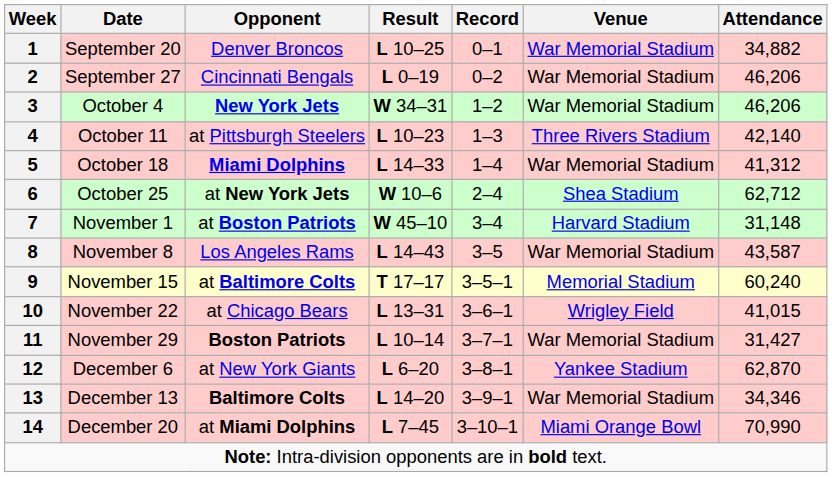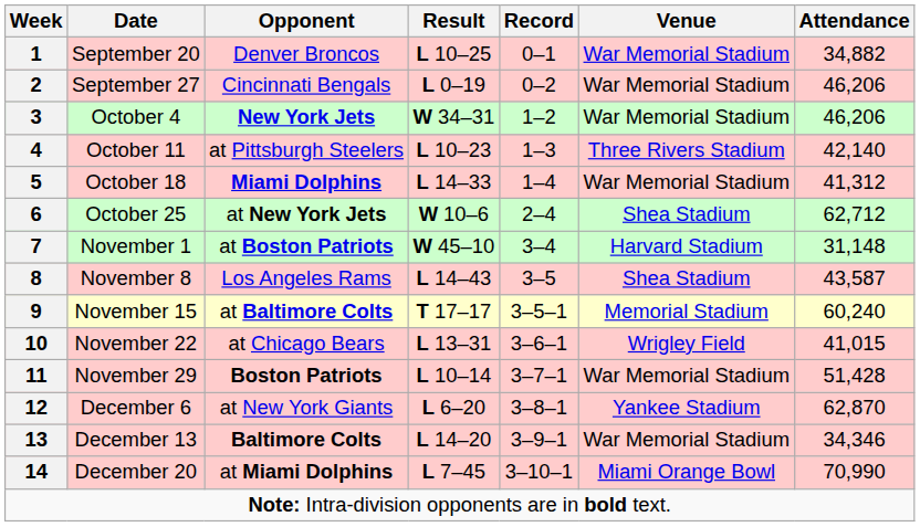 <table class="wikitable" style="text-align:center">
 <tr>
 <th>Week</th>
 <th>Date</th>
 <th>Opponent</th>
 <th>Result</th>
 <th>Record</th>
 <th>Venue</th>
 <th>Attendance</th>
 </tr>
 <tr style="background:#fcc">
 <th>1</th>
 <td>September 20</td>
 <td><a href='#'>Denver Broncos</a></td>
 <td><strong>L</strong> 10–25</td>
 <td>0–1</td>
 <td><a href='#'>War Memorial Stadium</a></td>
 <td>34,882</td>
 </tr>
 <tr style="background:#fcc">
 <th>2</th>
 <td>September 27</td>
 <td><a href='#'>Cincinnati Bengals</a></td>
 <td><strong>L</strong> 0–19</td>
 <td>0–2</td>
 <td>War Memorial Stadium</td>
 <td>46,206</td>
 </tr>
 <tr style="background:#cfc">
 <th>3</th>
 <td>October 4</td>
 <td><strong><a href='#'>New York Jets</a></strong></td>
 <td><strong>W</strong> 34–31</td>
 <td>1–2</td>
 <td>War Memorial Stadium</td>
 <td>46,206</td>
 </tr>
 <tr style="background:#fcc">
 <th>4</th>
 <td>October 11</td>
 <td>at <a href='#'>Pittsburgh Steelers</a></td>
 <td><strong>L</strong> 10–23</td>
 <td>1–3</td>
 <td><a href='#'>Three Rivers Stadium</a></td>
 <td>42,140</td>
 </tr>
 <tr style="background:#fcc">
 <th>5</th>
 <td>October 18</td>
 <td><strong><a href='#'>Miami Dolphins</a></strong></td>
 <td><strong>L</strong> 14–33</td>
 <td>1–4</td>
 <td>War Memorial Stadium</td>
 <td>41,312</td>
 </tr>
 <tr style="background:#cfc">
 <th>6</th>
 <td>October 25</td>
 <td>at <strong>New York Jets</strong></td>
 <td><strong>W</strong> 10–6</td>
 <td>2–4</td>
 <td><a href='#'>Shea Stadium</a></td>
 <td>62,712</td>
 </tr>
 <tr style="background:#cfc">
 <th>7</th>
 <td>November 1</td>
 <td>at <strong><a href='#'>Boston Patriots</a></strong></td>
 <td><strong>W</strong> 45–10</td>
 <td>3–4</td>
 <td><a href='#'>Harvard Stadium</a></td>
 <td>31,148</td>
 </tr>
 <tr style="background:#fcc">
 <th>8</th>
 <td>November 8</td>
 <td><a href='#'>Los Angeles Rams</a></td>
 <td><strong>L</strong> 14–43</td>
 <td>3–5</td>
-<td>War Memorial Stadium</td>
+<td><a href='#'>Shea Stadium</a></td>
 <td>43,587</td>
 </tr>
 <tr style="background:#ffc">
 <th>9</th>
 <td>November 15</td>
 <td>at <strong><a href='#'>Baltimore Colts</a></strong></td>
 <td><strong>T</strong> 17–17</td>
 <td>3–5–1</td>
 <td><a href='#'>Memorial Stadium</a></td>
 <td>60,240</td>
 </tr>
 <tr style="background:#fcc">
 <th>10</th>
 <td>November 22</td>
 <td>at <a href='#'>Chicago Bears</a></td>
 <td><strong>L</strong> 13–31</td>
 <td>3–6–1</td>
 <td><a href='#'>Wrigley Field</a></td>
 <td>41,015</td>
 </tr>
 <tr style="background:#fcc">
 <th>11</th>
 <td>November 29</td>
 <td><strong>Boston Patriots</strong></td>
 <td><strong>L</strong> 10–14</td>
 <td>3–7–1</td>
 <td>War Memorial Stadium</td>
-<td>31,427</td>
+<td>51,428</td>
 </tr>
 <tr style="background:#fcc">
 <th>12</th>
 <td>December 6</td>
 <td>at <a href='#'>New York Giants</a></td>
 <td><strong>L</strong> 6–20</td>
 <td>3–8–1</td>
 <td><a href='#'>Yankee Stadium</a></td>
 <td>62,870</td>
 </tr>
 <tr style="background:#fcc">
 <th>13</th>
 <td>December 13</td>
 <td><strong>Baltimore Colts</strong></td>
 <td><strong>L</strong> 14–20</td>
 <td>3–9–1</td>
 <td>War Memorial Stadium</td>
 <td>34,346</td>
 </tr>
 <tr style="background:#fcc">
 <th>14</th>
 <td>December 20</td>
 <td>at <strong>Miami Dolphins</strong></td>
 <td><strong>L</strong> 7–45</td>
 <td>3–10–1</td>
 <td><a href='#'>Miami Orange Bowl</a></td>
 <td>70,990</td>
 </tr>
 <tr>
 <td colspan="8"><strong>Note:</strong> Intra-division opponents are in <strong>bold</strong> text.</td>
 </tr>
 </table>
